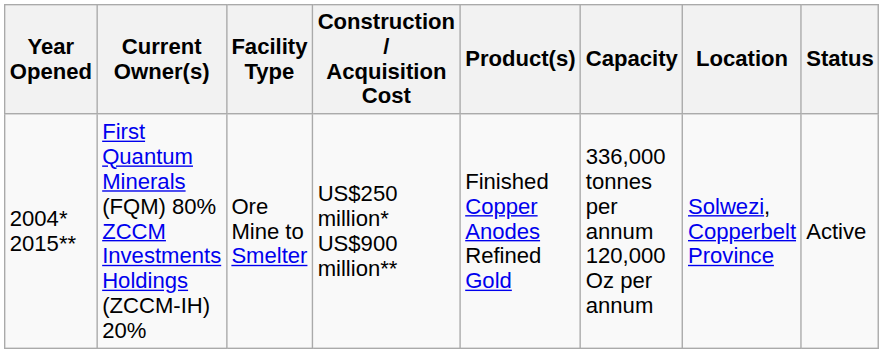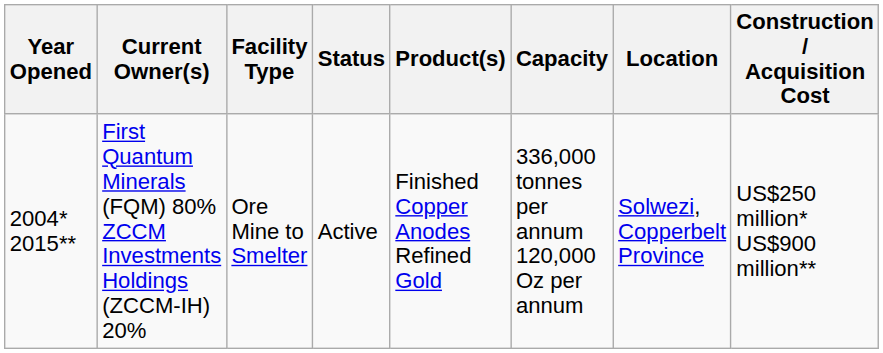 <table class="wikitable">
 <tr>
 <th>Year Opened</th>
 <th>Current Owner(s)</th>
 <th>Facility Type</th>
-<th>Construction /<br>Acquisition Cost</th>
+<th>Status</th>
 <th>Product(s)</th>
 <th>Capacity</th>
 <th>Location</th>
-<th>Status</th>
+<th>Construction /<br>Acquisition Cost</th>
 </tr>
 <tr>
 <td>2004* 2015**</td>
 <td><a href='#'>First Quantum Minerals</a> (FQM) 80%<br><a href='#'>ZCCM Investments Holdings</a> (ZCCM-IH) 20%</td>
 <td>Ore Mine to<br><a href='#'>Smelter</a></td>
-<td>US$250 million*<br>US$900 million**</td>
+<td>Active</td>
 <td>Finished <a href='#'>Copper</a> <a href='#'>Anodes</a><br>Refined <a href='#'>Gold</a></td>
 <td>336,000 tonnes per annum<br>120,000 Oz per annum</td>
 <td><a href='#'>Solwezi</a>, <a href='#'>Copperbelt Province</a></td>
-<td>Active</td>
+<td>US$250 million*<br>US$900 million**</td>
 </tr>
 </table>
